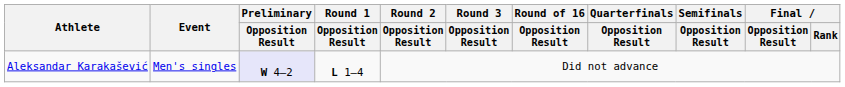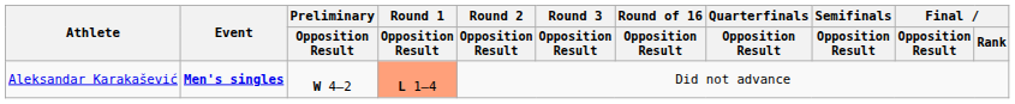 <table class="wikitable" style="font-size:90%;">
 <tr>
 <th rowspan=2>Athlete</th>
 <th rowspan=2>Event</th>
 <th>Preliminary</th>
 <th>Round 1</th>
 <th>Round 2</th>
 <th>Round 3</th>
 <th>Round of 16</th>
 <th>Quarterfinals</th>
 <th>Semifinals</th>
 <th colspan=2>Final / </th>
 </tr>
 <tr style="font-size:95%">
 <th>Opposition<br>Result</th>
 <th>Opposition<br>Result</th>
 <th>Opposition<br>Result</th>
 <th>Opposition<br>Result</th>
 <th>Opposition<br>Result</th>
 <th>Opposition<br>Result</th>
 <th>Opposition<br>Result</th>
 <th>Opposition<br>Result</th>
 <th>Rank</th>
 </tr>
 <tr align=center>
 <td align=left><a href='#'>Aleksandar Karakašević</a></td>
-<td align=left><a href='#'>Men's singles</a></td>
-<td style="background: lavender;"><br><strong>W</strong> 4–2</td>
-<td><br><strong>L</strong> 1–4</td>
+<td align=left><strong><a href='#'>Men's singles</a></strong></td>
+<td><br><strong>W</strong> 4–2</td>
+<td style="background: lightsalmon;"><br><strong>L</strong> 1–4</td>
 <td colspan=7>Did not advance</td>
 </tr>
 </table>
